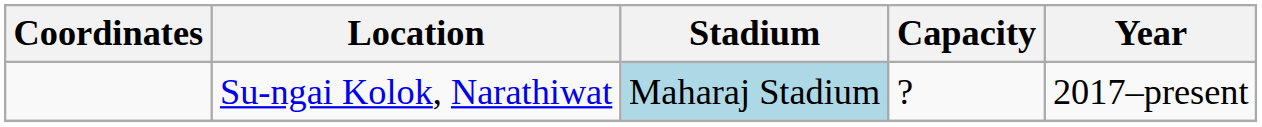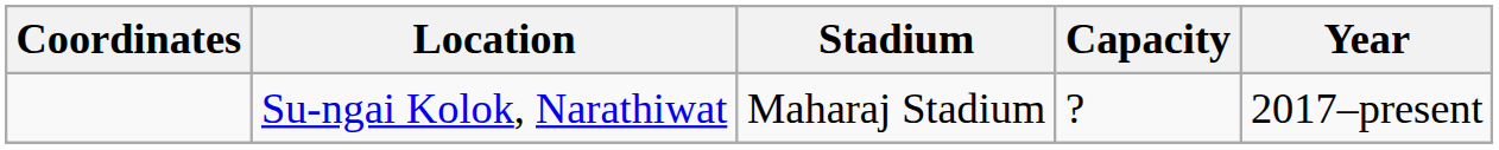 <table class="wikitable sortable">
 <tr>
 <th>Coordinates</th>
 <th>Location</th>
 <th>Stadium</th>
 <th>Capacity</th>
 <th>Year</th>
 </tr>
 <tr>
 <td></td>
 <td><a href='#'>Su-ngai Kolok</a>, <a href='#'>Narathiwat</a></td>
-<td style="background: lightblue;">Maharaj Stadium</td>
+<td>Maharaj Stadium</td>
 <td>?</td>
 <td>2017–present</td>
 </tr>
 <tr>
 </tr>
 </table>
